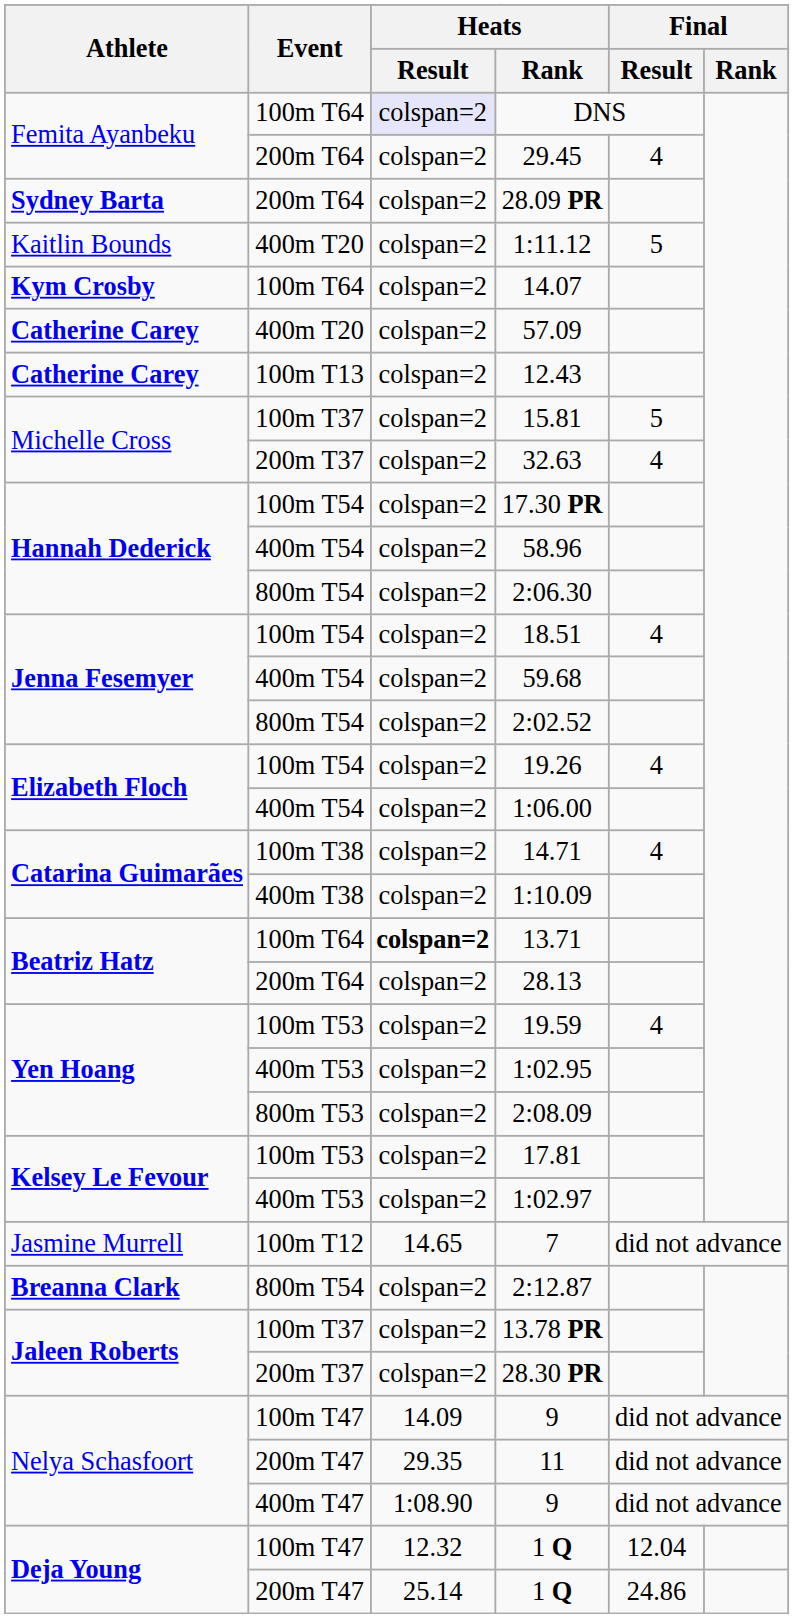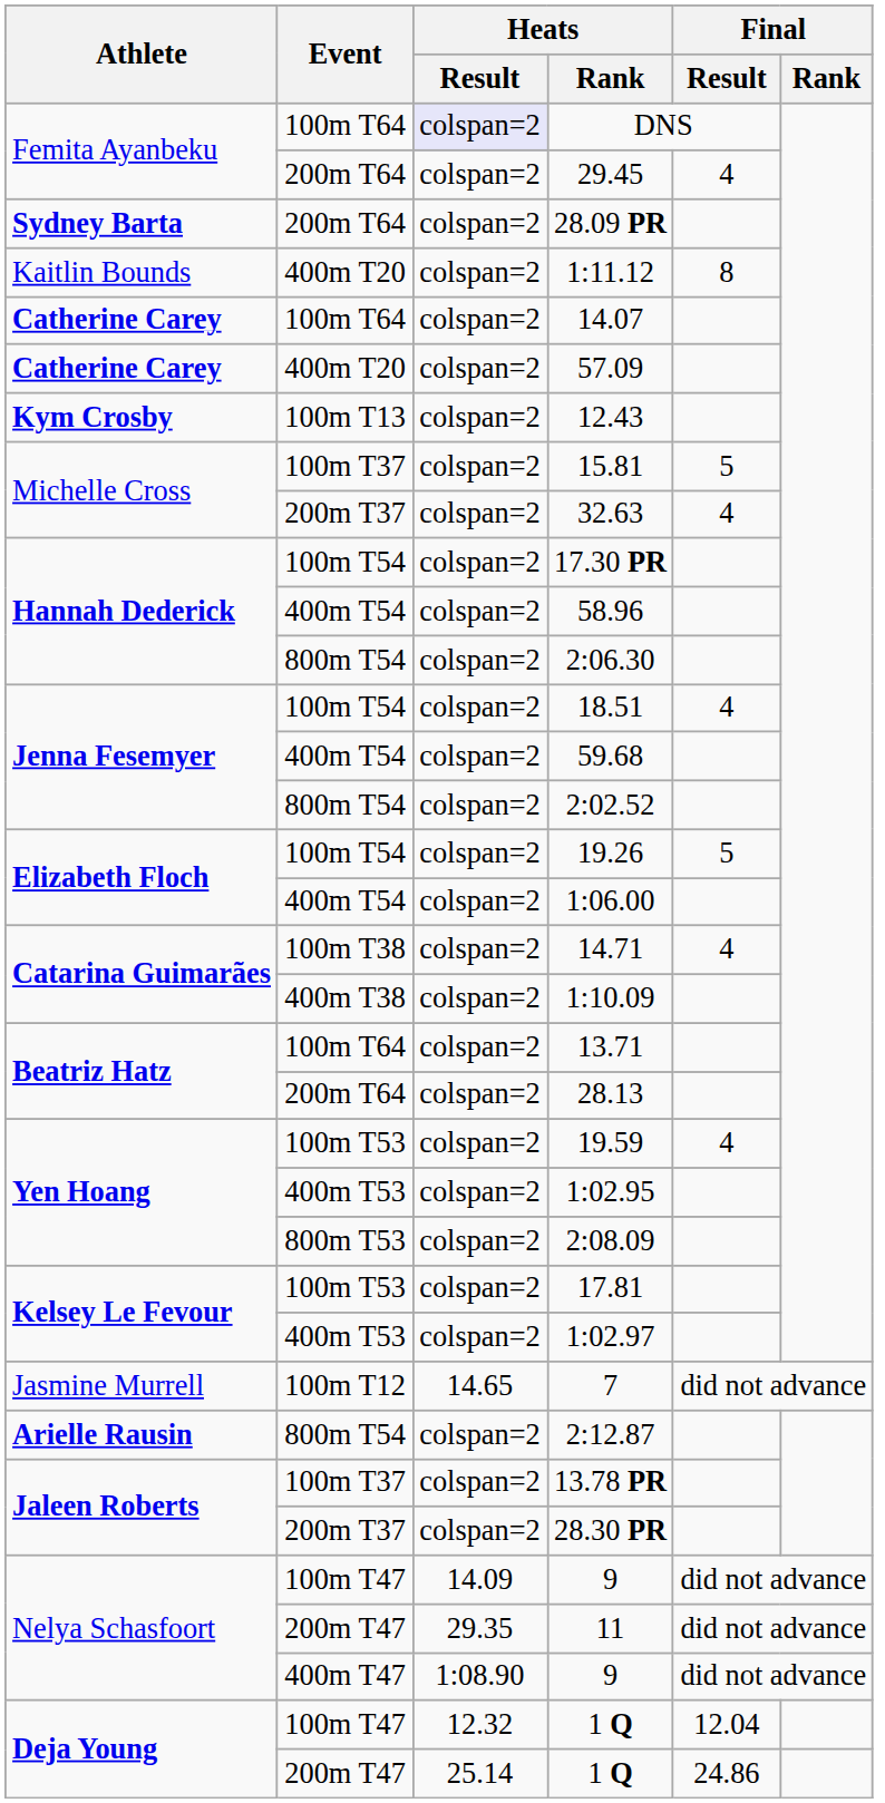 <table class=wikitable style="font-size:90%">
 <tr>
 <th rowspan="2">Athlete</th>
 <th rowspan="2">Event</th>
 <th colspan="2">Heats</th>
 <th colspan="2">Final</th>
 </tr>
 <tr>
 <th>Result</th>
 <th>Rank</th>
 <th>Result</th>
 <th>Rank</th>
 </tr>
 <tr align=center>
 <td align=left rowspan=2><a href='#'>Femita Ayanbeku</a></td>
 <td align=left>100m T64</td>
 <td style="background: lavender;">colspan=2 </td>
 <td colspan=2>DNS</td>
 </tr>
 <tr align=center>
 <td align=left>200m T64</td>
 <td>colspan=2 </td>
 <td>29.45</td>
 <td>4</td>
 </tr>
 <tr align=center>
 <td align=left><strong><a href='#'>Sydney Barta</a></strong></td>
 <td align=left>200m T64</td>
 <td>colspan=2 </td>
 <td>28.09 <strong>PR</strong></td>
 <td></td>
 </tr>
 <tr align=center>
 <td align=left><a href='#'>Kaitlin Bounds</a></td>
 <td align=left>400m T20</td>
 <td>colspan=2 </td>
 <td>1:11.12</td>
-<td>5</td>
+<td>8</td>
 </tr>
 <tr align=center>
-<td align=left><strong><a href='#'>Kym Crosby</a></strong></td>
+<td align=left><strong><a href='#'>Catherine Carey</a></strong></td>
 <td align=left>100m T64</td>
 <td>colspan=2 </td>
 <td>14.07</td>
 <td></td>
 </tr>
 <tr align=center>
 <td align=left><strong><a href='#'>Catherine Carey</a></strong></td>
 <td align=left>400m T20</td>
 <td>colspan=2 </td>
 <td>57.09</td>
 <td></td>
 </tr>
 <tr align=center>
-<td align=left><strong><a href='#'>Catherine Carey</a></strong></td>
+<td align=left><strong><a href='#'>Kym Crosby</a></strong></td>
 <td align=left>100m T13</td>
 <td>colspan=2 </td>
 <td>12.43</td>
 <td></td>
 </tr>
 <tr align=center>
 <td align=left rowspan=2><a href='#'>Michelle Cross</a></td>
 <td align=left>100m T37</td>
 <td>colspan=2 </td>
 <td>15.81</td>
 <td>5</td>
 </tr>
 <tr align=center>
 <td align=left>200m T37</td>
 <td>colspan=2 </td>
 <td>32.63</td>
 <td>4</td>
 </tr>
 <tr align=center>
 <td align=left rowspan=3><strong><a href='#'>Hannah Dederick</a></strong></td>
 <td align=left>100m T54</td>
 <td>colspan=2 </td>
 <td>17.30 <strong>PR</strong></td>
 <td></td>
 </tr>
 <tr align=center>
 <td align=left>400m T54</td>
 <td>colspan=2 </td>
 <td>58.96</td>
 <td></td>
 </tr>
 <tr align=center>
 <td align=left>800m T54</td>
 <td>colspan=2 </td>
 <td>2:06.30</td>
 <td></td>
 </tr>
 <tr align=center>
 <td align=left rowspan=3><strong><a href='#'>Jenna Fesemyer</a></strong></td>
 <td align=left>100m T54</td>
 <td>colspan=2 </td>
 <td>18.51</td>
 <td>4</td>
 </tr>
 <tr align=center>
 <td align=left>400m T54</td>
 <td>colspan=2 </td>
 <td>59.68</td>
 <td></td>
 </tr>
 <tr align=center>
 <td align=left>800m T54</td>
 <td>colspan=2 </td>
 <td>2:02.52</td>
 <td></td>
 </tr>
 <tr align=center>
 <td align=left rowspan=2><strong><a href='#'>Elizabeth Floch</a></strong></td>
 <td align=left>100m T54</td>
 <td>colspan=2 </td>
 <td>19.26</td>
-<td>4</td>
+<td>5</td>
 </tr>
 <tr align=center>
 <td align=left>400m T54</td>
 <td>colspan=2 </td>
 <td>1:06.00</td>
 <td></td>
 </tr>
 <tr align=center>
 <td align=left rowspan=2><strong><a href='#'>Catarina Guimarães</a></strong></td>
 <td align=left>100m T38</td>
 <td>colspan=2 </td>
 <td>14.71</td>
 <td>4</td>
 </tr>
 <tr align=center>
 <td align=left>400m T38</td>
 <td>colspan=2 </td>
 <td>1:10.09</td>
 <td></td>
 </tr>
 <tr align=center>
 <td align=left rowspan=2><strong><a href='#'>Beatriz Hatz</a></strong></td>
 <td align=left>100m T64</td>
-<td><strong>colspan=2 </strong></td>
+<td>colspan=2 </td>
 <td>13.71</td>
 <td></td>
 </tr>
 <tr align=center>
 <td align=left>200m T64</td>
 <td>colspan=2 </td>
 <td>28.13</td>
 <td></td>
 </tr>
 <tr align=center>
 <td align=left rowspan=3><strong><a href='#'>Yen Hoang</a></strong></td>
 <td align=left>100m T53</td>
 <td>colspan=2 </td>
 <td>19.59</td>
 <td>4</td>
 </tr>
 <tr align=center>
 <td align=left>400m T53</td>
 <td>colspan=2 </td>
 <td>1:02.95</td>
 <td></td>
 </tr>
 <tr align=center>
 <td align=left>800m T53</td>
 <td>colspan=2 </td>
 <td>2:08.09</td>
 <td></td>
 </tr>
 <tr align=center>
 <td align=left rowspan=2><strong><a href='#'>Kelsey Le Fevour</a></strong></td>
 <td align=left>100m T53</td>
 <td>colspan=2 </td>
 <td>17.81</td>
 <td></td>
 </tr>
 <tr align=center>
 <td align=left>400m T53</td>
 <td>colspan=2 </td>
 <td>1:02.97</td>
 <td></td>
 </tr>
 <tr align=center>
 <td align=left><a href='#'>Jasmine Murrell</a></td>
 <td align=left>100m T12</td>
 <td>14.65</td>
 <td>7</td>
 <td colspan=2>did not advance</td>
 </tr>
 <tr align=center>
-<td align=left><strong><a href='#'>Breanna Clark</a></strong></td>
+<td align=left><strong><a href='#'>Arielle Rausin</a></strong></td>
 <td align=left>800m T54</td>
 <td>colspan=2 </td>
 <td>2:12.87</td>
 <td></td>
 </tr>
 <tr align=center>
 <td align=left rowspan=2><strong><a href='#'>Jaleen Roberts</a></strong></td>
 <td align=left>100m T37</td>
 <td>colspan=2 </td>
 <td>13.78 <strong>PR</strong></td>
 <td></td>
 </tr>
 <tr align=center>
 <td align=left>200m T37</td>
 <td>colspan=2 </td>
 <td>28.30 <strong>PR</strong></td>
 <td></td>
 </tr>
 <tr align=center>
 <td align=left rowspan=3><a href='#'>Nelya Schasfoort</a></td>
 <td align=left>100m T47</td>
 <td>14.09</td>
 <td>9</td>
 <td colspan=2>did not advance</td>
 </tr>
 <tr align=center>
 <td align=left>200m T47</td>
 <td>29.35</td>
 <td>11</td>
 <td colspan=2>did not advance</td>
 </tr>
 <tr align=center>
 <td align=left>400m T47</td>
 <td>1:08.90</td>
 <td>9</td>
 <td colspan=2>did not advance</td>
 </tr>
 <tr align=center>
 <td align=left rowspan=2><strong><a href='#'>Deja Young</a></strong></td>
 <td align=left>100m T47</td>
 <td>12.32</td>
 <td>1 <strong>Q</strong></td>
 <td>12.04</td>
 <td></td>
 </tr>
 <tr align=center>
 <td align=left>200m T47</td>
 <td>25.14</td>
 <td>1 <strong>Q</strong></td>
 <td>24.86</td>
 <td></td>
 </tr>
 </table>
